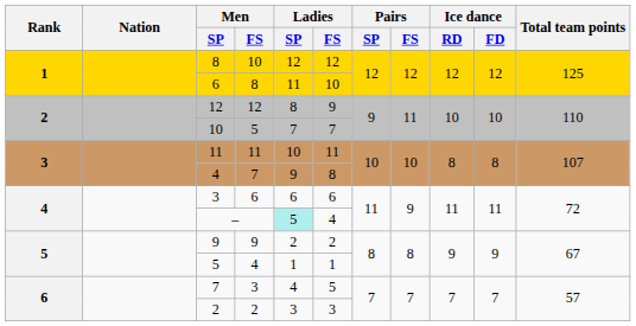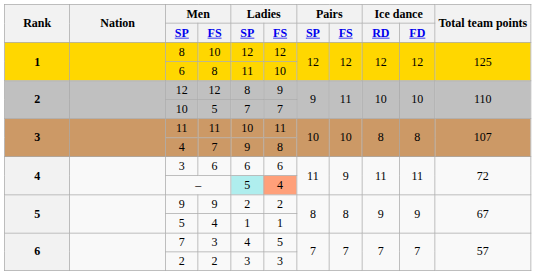 <table class="wikitable">
 <tr>
 <th width="80" rowspan="2">Rank</th>
 <th width="120" rowspan="2">Nation</th>
 <th width="80" colspan="2">Men</th>
 <th width="80" colspan="2">Ladies</th>
 <th width="80" colspan="2">Pairs</th>
 <th width="90" colspan="2">Ice dance</th>
 <th width="120" rowspan="2"><strong>Total team points</strong></th>
 </tr>
 <tr>
 <th><a href='#'>SP</a></th>
 <th><a href='#'>FS</a></th>
 <th><a href='#'>SP</a></th>
 <th><a href='#'>FS</a></th>
 <th><a href='#'>SP</a></th>
 <th><a href='#'>FS</a></th>
 <th><a href='#'>RD</a></th>
 <th><a href='#'>FD</a></th>
 </tr>
 <tr rowspan=2 bgcolor="gold">
 <td rowspan=2 align="center"><strong>1</strong></td>
 <td rowspan=2></td>
 <td align="center">8</td>
 <td align="center">10</td>
 <td align="center">12</td>
 <td align="center">12</td>
 <td rowspan=2 align="center">12</td>
 <td rowspan=2 align="center">12</td>
 <td rowspan=2 align="center">12</td>
 <td rowspan=2 align="center">12</td>
 <td rowspan=2 align="center">125</td>
 </tr>
 <tr bgcolor="gold">
 <td align="center">6</td>
 <td align="center">8</td>
 <td align="center">11</td>
 <td align="center">10</td>
 </tr>
 <tr rowspan=2 bgcolor="silver">
 <td rowspan=2 align="center"><strong>2</strong></td>
 <td rowspan=2></td>
 <td align="center">12</td>
 <td align="center">12</td>
 <td align="center">8</td>
 <td align="center">9</td>
 <td rowspan=2 align="center">9</td>
 <td rowspan=2 align="center">11</td>
 <td rowspan=2 align="center">10</td>
 <td rowspan=2 align="center">10</td>
 <td rowspan=2 align="center">110</td>
 </tr>
 <tr bgcolor="silver">
 <td align="center">10</td>
 <td align="center">5</td>
 <td align="center">7</td>
 <td align="center">7</td>
 </tr>
 <tr bgcolor="#cc9966" rowspan="2">
 <td rowspan=2 align="center"><strong>3</strong></td>
 <td rowspan=2></td>
 <td align="center">11</td>
 <td align="center">11</td>
 <td align="center">10</td>
 <td align="center">11</td>
 <td rowspan=2 align="center">10</td>
 <td rowspan=2 align="center">10</td>
 <td rowspan=2 align="center">8</td>
 <td rowspan=2 align="center">8</td>
 <td rowspan=2 align="center">107</td>
 </tr>
 <tr bgcolor="cc9966">
 <td align="center">4</td>
 <td align="center">7</td>
 <td align="center">9</td>
 <td align="center">8</td>
 </tr>
 <tr>
 <th rowspan=2 align="center"><strong>4</strong></th>
 <td rowspan=2></td>
 <td align="center">3</td>
 <td align="center">6</td>
 <td align="center">6</td>
 <td align="center">6</td>
 <td rowspan=2 align="center">11</td>
 <td rowspan=2 align="center">9</td>
 <td rowspan=2 align="center">11</td>
 <td rowspan=2 align="center">11</td>
 <td rowspan=2 align="center">72</td>
 </tr>
 <tr>
 <td colspan=2 align="center">–</td>
 <td align="center" style="background: paleturquoise;">5</td>
-<td align="center">4</td>
+<td align="center" style="background: lightsalmon;">4</td>
 </tr>
 <tr>
 <th rowspan=2 align="center"><strong>5</strong></th>
 <td rowspan=2></td>
 <td align="center">9</td>
 <td align="center">9</td>
 <td align="center">2</td>
 <td align="center">2</td>
 <td rowspan=2 align="center">8</td>
 <td rowspan=2 align="center">8</td>
 <td rowspan=2 align="center">9</td>
 <td rowspan=2 align="center">9</td>
 <td rowspan=2 align="center">67</td>
 </tr>
 <tr>
 <td align="center">5</td>
 <td align="center">4</td>
 <td align="center">1</td>
 <td align="center">1</td>
 </tr>
 <tr>
 <th rowspan=2 align="center"><strong>6</strong></th>
 <td rowspan=2></td>
 <td align="center">7</td>
 <td align="center">3</td>
 <td align="center">4</td>
 <td align="center">5</td>
 <td rowspan=2 align="center">7</td>
 <td rowspan=2 align="center">7</td>
 <td rowspan=2 align="center">7</td>
 <td rowspan=2 align="center">7</td>
 <td rowspan=2 align="center">57</td>
 </tr>
 <tr>
 <td align="center">2</td>
 <td align="center">2</td>
 <td align="center">3</td>
 <td align="center">3</td>
 </tr>
 </table>
